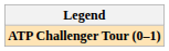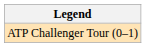 <table class=wikitable>
 <tr>
 <th>Legend</th>
 </tr>
 <tr style="background:moccasin;">
-<td><strong>ATP Challenger Tour (0–1)</strong></td>
+<td>ATP Challenger Tour (0–1)</td>
 </tr>
 </table>
